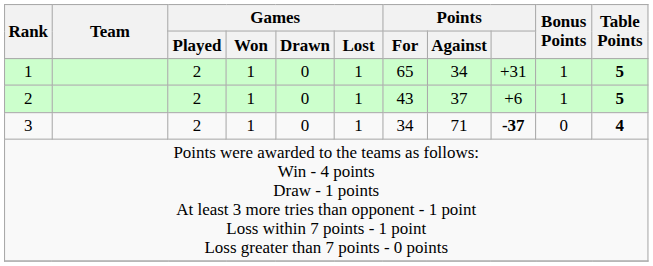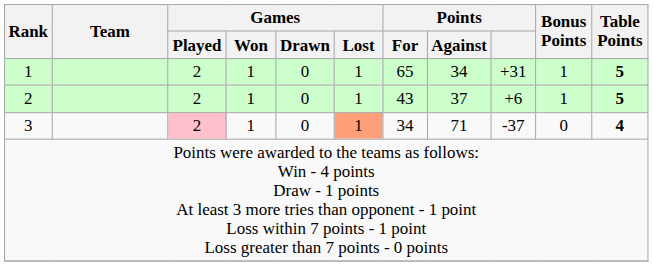 <table class="wikitable"  style="text-align: center;">
 <tr>
 <th rowspan="2" width="20">Rank</th>
 <th rowspan="2" width="200">Team</th>
 <th colspan="4">Games</th>
 <th colspan="3">Points</th>
 <th rowspan="2" width="50">Bonus<br>Points</th>
 <th rowspan="2" width="50">Table Points</th>
 </tr>
 <tr>
 <th width="50">Played</th>
 <th width="50">Won</th>
 <th width="50">Drawn</th>
 <th width="50">Lost</th>
 <th width="50">For</th>
 <th width="50">Against</th>
 <th width="50"></th>
 </tr>
 <tr bgcolor="#ccffcc">
 <td>1</td>
 <td align=left></td>
 <td>2</td>
 <td>1</td>
 <td>0</td>
 <td>1</td>
 <td>65</td>
 <td>34</td>
 <td>+31</td>
 <td>1</td>
 <td><strong>5</strong></td>
 </tr>
 <tr bgcolor="#ccffcc">
 <td>2</td>
 <td align=left></td>
 <td>2</td>
 <td>1</td>
 <td>0</td>
 <td>1</td>
 <td>43</td>
 <td>37</td>
 <td>+6</td>
 <td>1</td>
 <td><strong>5</strong></td>
 </tr>
 <tr>
 <td>3</td>
 <td align=left></td>
-<td>2</td>
+<td style="background: pink;">2</td>
 <td>1</td>
 <td>0</td>
-<td>1</td>
+<td style="background: lightsalmon;">1</td>
 <td>34</td>
 <td>71</td>
-<td><strong>-37</strong></td>
+<td>-37</td>
 <td>0</td>
 <td><strong>4</strong></td>
 </tr>
 <tr>
 <td colspan="100%" style="text-align:center;">Points were awarded to the teams as follows:<br>Win - 4 points<br>Draw - 1 points<br> At least 3 more tries than opponent - 1 point<br> Loss within 7 points - 1 point<br>Loss greater than 7 points - 0 points</td>
 </tr>
 <tr>
 </tr>
 </table>
